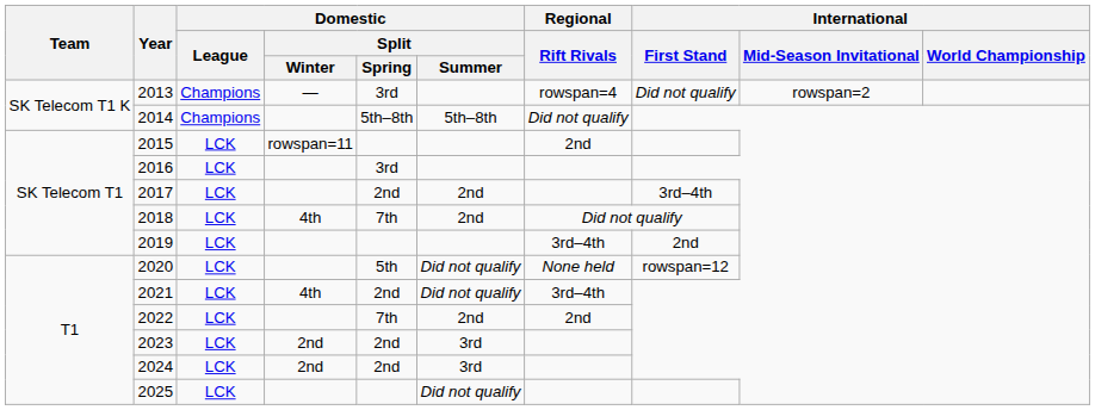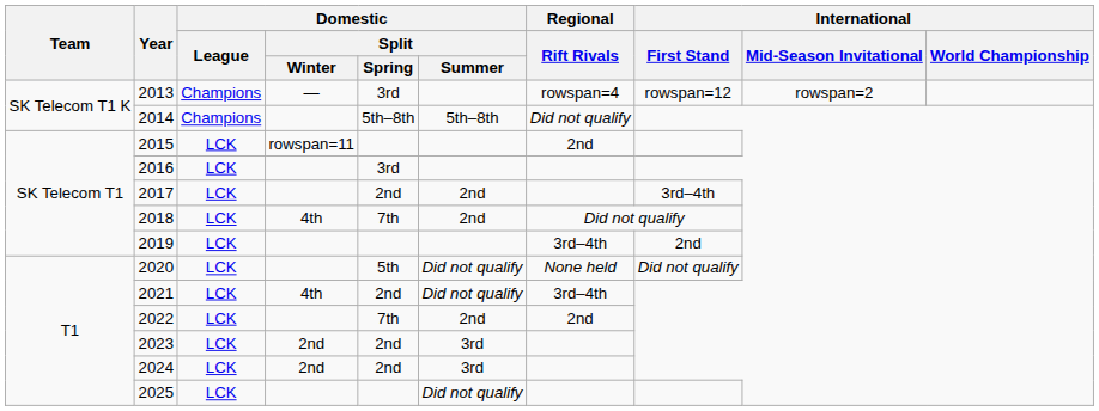 <table class="wikitable" style="font-size:90%; text-align:center;">
 <tr style="background:#f0f6ff;">
 <th rowspan=3>Team</th>
 <th rowspan=3>Year</th>
 <th colspan=4>Domestic</th>
 <th>Regional</th>
 <th colspan=3>International</th>
 </tr>
 <tr>
 <th width=65px rowspan=2>League</th>
 <th colspan=3>Split</th>
 <th rowspan=2><a href='#'>Rift Rivals</a></th>
 <th rowspan=2><a href='#'>First Stand</a></th>
 <th rowspan=2><a href='#'>Mid-Season Invitational</a></th>
 <th rowspan=2><a href='#'>World Championship</a></th>
 </tr>
 <tr>
 <th>Winter</th>
 <th>Spring</th>
 <th>Summer</th>
 </tr>
 <tr>
 <td rowspan=2>SK Telecom T1 K</td>
 <td>2013</td>
 <td><a href='#'>Champions</a></td>
 <td>—</td>
 <td>3rd</td>
 <td></td>
 <td>rowspan=4 </td>
-<td><em>Did not qualify</em></td>
+<td>rowspan=12 </td>
 <td>rowspan=2 </td>
 <td></td>
 </tr>
 <tr>
 <td>2014</td>
 <td><a href='#'>Champions</a></td>
 <td></td>
 <td>5th–8th</td>
 <td>5th–8th</td>
 <td><em>Did not qualify</em></td>
 </tr>
 <tr>
 <td rowspan=5>SK Telecom T1</td>
 <td>2015</td>
 <td><a href='#'>LCK</a></td>
 <td>rowspan=11 </td>
 <td></td>
 <td></td>
 <td>2nd</td>
 <td></td>
 </tr>
 <tr>
 <td>2016</td>
 <td><a href='#'>LCK</a></td>
 <td></td>
 <td>3rd</td>
 <td></td>
 <td></td>
 </tr>
 <tr>
 <td>2017</td>
 <td><a href='#'>LCK</a></td>
 <td></td>
 <td>2nd</td>
 <td>2nd</td>
 <td></td>
 <td>3rd–4th</td>
 </tr>
 <tr>
 <td>2018</td>
 <td><a href='#'>LCK</a></td>
 <td>4th</td>
 <td>7th</td>
 <td>2nd</td>
 <td colspan=2><em>Did not qualify</em></td>
 </tr>
 <tr>
 <td>2019</td>
 <td><a href='#'>LCK</a></td>
 <td></td>
 <td></td>
 <td></td>
 <td>3rd–4th</td>
 <td>2nd</td>
 </tr>
 <tr>
 <td rowspan=6>T1</td>
 <td>2020</td>
 <td><a href='#'>LCK</a></td>
 <td></td>
 <td>5th</td>
 <td><em>Did not qualify</em></td>
 <td><em>None held</em></td>
-<td>rowspan=12 </td>
+<td><em>Did not qualify</em></td>
 </tr>
 <tr>
 <td>2021</td>
 <td><a href='#'>LCK</a></td>
 <td>4th</td>
 <td>2nd</td>
 <td><em>Did not qualify</em></td>
 <td>3rd–4th</td>
 </tr>
 <tr>
 <td>2022</td>
 <td><a href='#'>LCK</a></td>
 <td></td>
 <td>7th</td>
 <td>2nd</td>
 <td>2nd</td>
 </tr>
 <tr>
 <td>2023</td>
 <td><a href='#'>LCK</a></td>
 <td>2nd</td>
 <td>2nd</td>
 <td>3rd</td>
 <td></td>
 </tr>
 <tr>
 <td>2024</td>
 <td><a href='#'>LCK</a></td>
 <td>2nd</td>
 <td>2nd</td>
 <td>3rd</td>
 <td></td>
 </tr>
 <tr>
 <td>2025</td>
 <td><a href='#'>LCK</a></td>
 <td></td>
 <td></td>
 <td><em>Did not qualify</em></td>
 <td></td>
 <td></td>
 </tr>
 </table>
